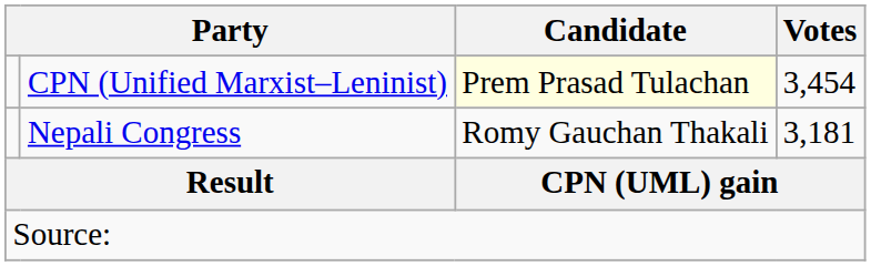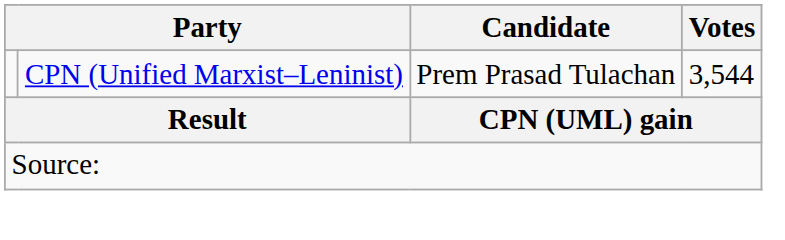 <table class="wikitable">
 <tr>
 <th colspan="2">Party</th>
 <th>Candidate</th>
 <th>Votes</th>
 </tr>
 <tr>
 <td style="background-color:"></td>
 <td><a href='#'>CPN (Unified Marxist–Leninist)</a></td>
-<td style="background: lightyellow;">Prem Prasad Tulachan</td>
-<td>3,454</td>
-</tr>
-<tr>
-<td style="background-color:"></td>
-<td><a href='#'>Nepali Congress</a></td>
-<td>Romy Gauchan Thakali</td>
-<td>3,181</td>
+<td>Prem Prasad Tulachan</td>
+<td>3,544</td>
 </tr>
 <tr>
 <th colspan="2">Result</th>
 <th colspan="2">CPN (UML) gain</th>
 </tr>
 <tr>
 <td colspan="4">Source: </td>
 </tr>
 </table>
